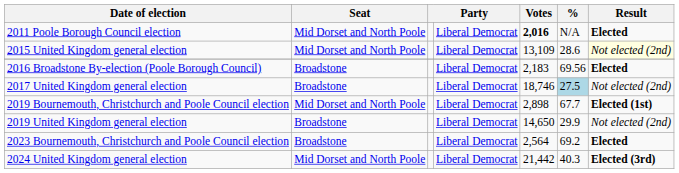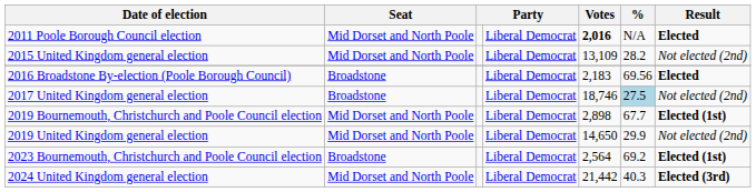 <table class="wikitable">
 <tr>
 <th>Date of election</th>
 <th>Seat</th>
 <th colspan="2">Party</th>
 <th>Votes</th>
 <th>%</th>
 <th>Result</th>
 </tr>
 <tr>
 <td><a href='#'>2011 Poole Borough Council election</a></td>
 <td><a href='#'>Mid Dorset and North Poole</a></td>
 <td style="background-color: "></td>
 <td><a href='#'>Liberal Democrat</a></td>
 <td><strong>2,016</strong></td>
 <td>N/A</td>
 <td><strong>Elected</strong></td>
 </tr>
 <tr>
 <td><a href='#'>2015 United Kingdom general election</a></td>
 <td><a href='#'>Mid Dorset and North Poole</a></td>
 <td style="background-color: "></td>
 <td><a href='#'>Liberal Democrat</a></td>
 <td>13,109</td>
-<td>28.6</td>
-<td style="background: lightyellow;"><em>Not elected (2nd)</em></td>
+<td>28.2</td>
+<td><em>Not elected (2nd)</em></td>
 </tr>
 <tr>
 </tr>
 <tr>
 <td><a href='#'>2016 Broadstone By-election (Poole Borough Council)</a></td>
 <td><a href='#'>Broadstone</a></td>
 <td style="background-color: "></td>
 <td><a href='#'>Liberal Democrat</a></td>
 <td>2,183</td>
 <td>69.56</td>
 <td><strong>Elected</strong></td>
 </tr>
 <tr>
 <td><a href='#'>2017 United Kingdom general election</a></td>
 <td><a href='#'>Broadstone</a></td>
 <td style="background-color: "></td>
 <td><a href='#'>Liberal Democrat</a></td>
 <td>18,746</td>
 <td style="background: lightblue;">27.5</td>
 <td><em>Not elected (2nd)</em></td>
 </tr>
 <tr>
 <td><a href='#'>2019 Bournemouth, Christchurch and Poole Council election</a></td>
 <td><a href='#'>Mid Dorset and North Poole</a></td>
 <td style="background-color: "></td>
 <td><a href='#'>Liberal Democrat</a></td>
 <td>2,898</td>
 <td>67.7</td>
 <td><strong>Elected (1st)</strong></td>
 </tr>
 <tr>
 <td><a href='#'>2019 United Kingdom general election</a></td>
-<td><a href='#'>Broadstone</a></td>
+<td><a href='#'>Mid Dorset and North Poole</a></td>
 <td style="background-color: "></td>
 <td><a href='#'>Liberal Democrat</a></td>
 <td>14,650</td>
 <td>29.9</td>
 <td><em>Not elected (2nd)</em></td>
 </tr>
 <tr>
 <td><a href='#'>2023 Bournemouth, Christchurch and Poole Council election</a></td>
 <td><a href='#'>Broadstone</a></td>
 <td style="background-color: "></td>
 <td><a href='#'>Liberal Democrat</a></td>
 <td>2,564</td>
 <td>69.2</td>
-<td><strong>Elected</strong></td>
+<td><strong>Elected (1st)</strong></td>
 </tr>
 <tr>
 <td><a href='#'>2024 United Kingdom general election</a></td>
 <td><a href='#'>Mid Dorset and North Poole</a></td>
 <td style="background-color: "></td>
 <td><a href='#'>Liberal Democrat</a></td>
 <td>21,442</td>
 <td>40.3</td>
 <td><strong>Elected (3rd)</strong></td>
 </tr>
 </table>
